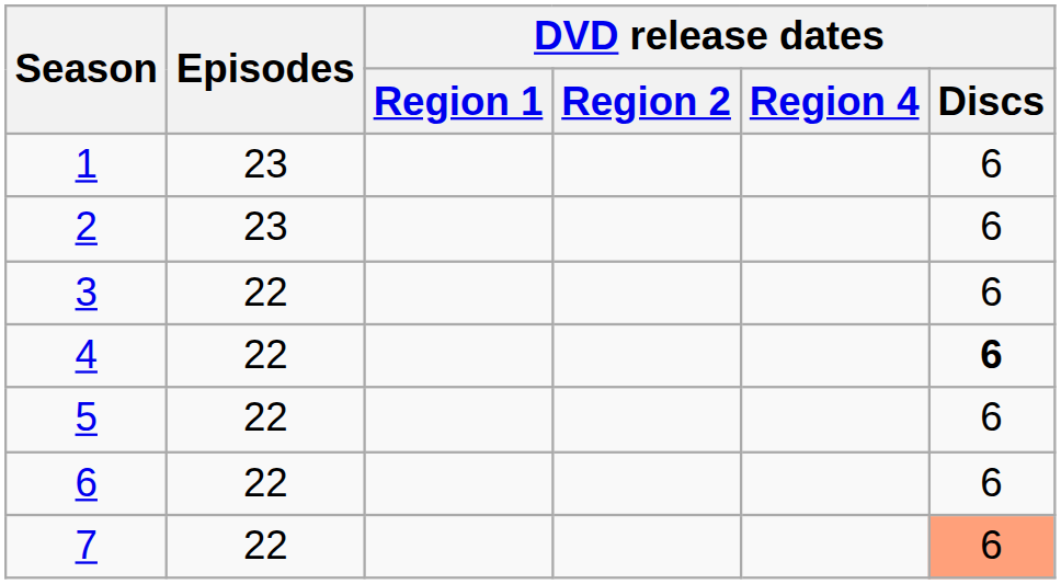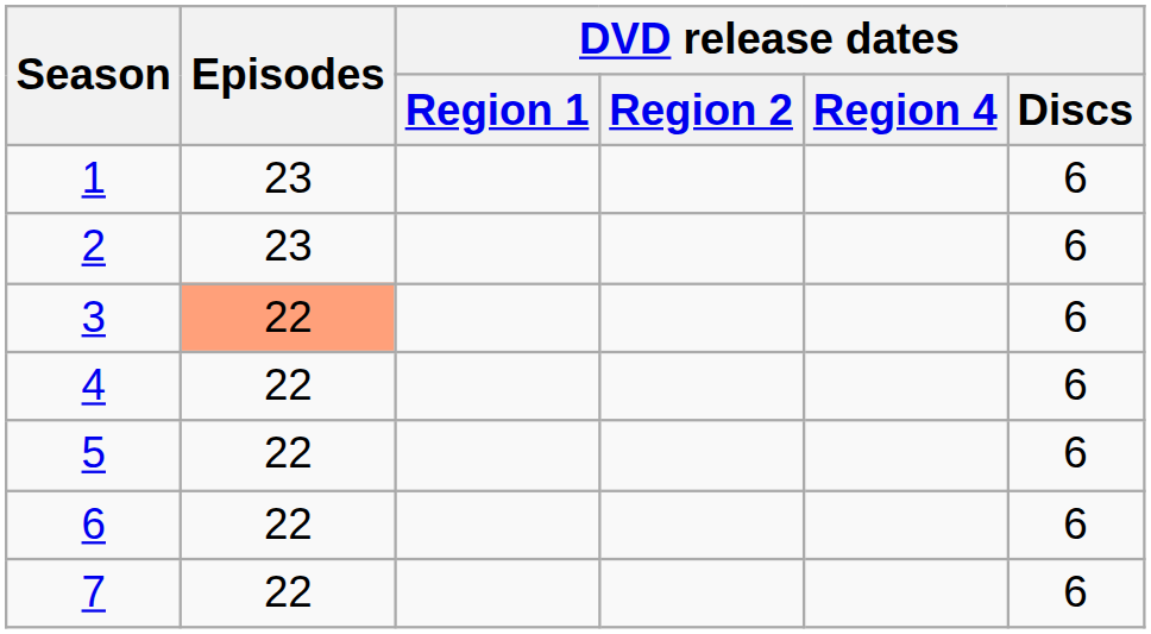 <table class="wikitable plainrowheaders" style="text-align: center;">
 <tr>
 <th scope="col" rowspan="2">Season</th>
 <th scope="col" rowspan="2">Episodes</th>
 <th scope="col" colspan="4"><a href='#'>DVD</a> release dates</th>
 </tr>
 <tr>
 <th scope="col"><a href='#'>Region 1</a></th>
 <th scope="col"><a href='#'>Region 2</a></th>
 <th scope="col"><a href='#'>Region 4</a></th>
 <th scope="col">Discs</th>
 </tr>
 <tr>
 <td scope="row"><a href='#'>1</a></td>
 <td>23</td>
 <td></td>
 <td></td>
 <td></td>
 <td>6</td>
 </tr>
 <tr>
 <td scope="row"><a href='#'>2</a></td>
 <td>23</td>
 <td></td>
 <td></td>
 <td></td>
 <td>6</td>
 </tr>
 <tr>
 <td scope="row"><a href='#'>3</a></td>
-<td>22</td>
+<td style="background: lightsalmon;">22</td>
 <td></td>
 <td></td>
 <td></td>
 <td>6</td>
 </tr>
 <tr>
 <td scope="row"><a href='#'>4</a></td>
 <td>22</td>
 <td></td>
 <td></td>
 <td></td>
-<td><strong>6</strong></td>
+<td>6</td>
 </tr>
 <tr>
 <td scope="row"><a href='#'>5</a></td>
 <td>22</td>
 <td></td>
 <td></td>
 <td></td>
 <td>6</td>
 </tr>
 <tr>
 <td scope="row"><a href='#'>6</a></td>
 <td>22</td>
 <td></td>
 <td></td>
 <td></td>
 <td>6</td>
 </tr>
 <tr>
 <td scope="row"><a href='#'>7</a></td>
 <td>22</td>
 <td></td>
 <td></td>
 <td></td>
-<td style="background: lightsalmon;">6</td>
+<td>6</td>
 </tr>
 </table>
